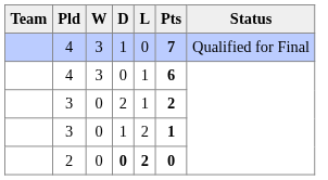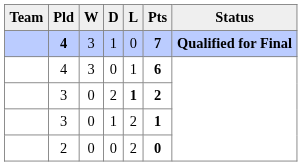 <table style=border-collapse:collapse border=1 cellspacing=0 cellpadding=5>
 <tr align=center bgcolor=#efefef>
 <th>Team</th>
 <th>Pld</th>
 <th>W</th>
 <th>D</th>
 <th>L</th>
 <th>Pts</th>
 <th>Status</th>
 </tr>
 <tr align=center style="background:#bbccff;">
 <td style="text-align:left;"> </td>
-<td>4</td>
+<td><strong>4</strong></td>
 <td>3</td>
 <td>1</td>
 <td>0</td>
 <td><strong>7</strong></td>
-<td rowspan=1>Qualified for Final</td>
+<td rowspan=1><strong>Qualified for Final</strong></td>
 </tr>
 <tr align=center style="background:#FFFFFF;">
 <td style="text-align:left;"> </td>
 <td>4</td>
 <td>3</td>
 <td>0</td>
 <td>1</td>
 <td><strong>6</strong></td>
 <td rowspan=4></td>
 </tr>
 <tr align=center style="background:#FFFFFF;">
 <td style="text-align:left;"> </td>
 <td>3</td>
 <td>0</td>
 <td>2</td>
-<td>1</td>
+<td><strong>1</strong></td>
 <td><strong>2</strong></td>
 </tr>
 <tr align=center style="background:#FFFFFF;">
 <td style="text-align:left;"> </td>
 <td>3</td>
 <td>0</td>
 <td>1</td>
 <td>2</td>
 <td><strong>1</strong></td>
 </tr>
 <tr align=center style="background:#FFFFFF;">
 <td style="text-align:left;"> </td>
 <td>2</td>
 <td>0</td>
-<td><strong>0</strong></td>
-<td><strong>2</strong></td>
+<td>0</td>
+<td>2</td>
 <td><strong>0</strong></td>
 </tr>
 </table>
